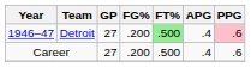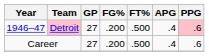 <table class="wikitable sortable" style="font-size:95%; text-align:right;">
 <tr>
 <th>Year</th>
 <th>Team</th>
 <th>GP</th>
 <th>FG%</th>
 <th>FT%</th>
 <th>APG</th>
 <th>PPG</th>
 </tr>
 <tr>
 <td style="text-align:left;"><a href='#'>1946–47</a></td>
-<td style="text-align:left;"><a href='#'>Detroit</a></td>
+<td style="background: pink; text-align:left;"><a href='#'>Detroit</a></td>
 <td>27</td>
 <td>.200</td>
-<td style="background: lightgreen;">.500</td>
+<td>.500</td>
 <td>.4</td>
 <td style="background: pink;">.6</td>
 </tr>
 <tr>
 <td style="text-align:center;" colspan="2">Career</td>
 <td>27</td>
 <td>.200</td>
 <td>.500</td>
 <td>.4</td>
 <td>.6</td>
 </tr>
 <tr>
 </tr>
 </table>
